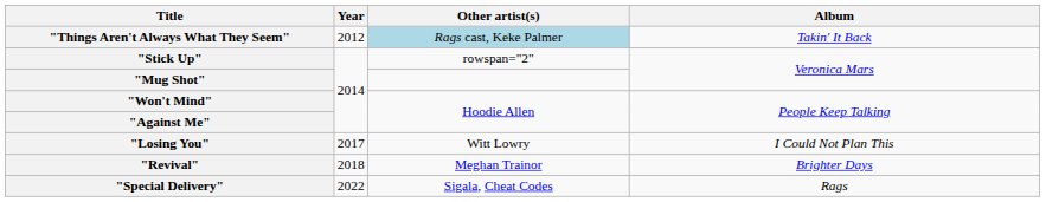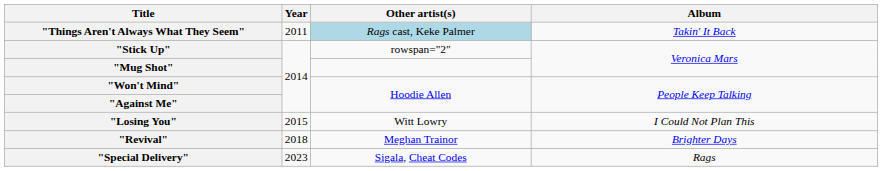 <table class="wikitable plainrowheaders" style="text-align:center;">
 <tr>
 <th scope="col" style="width:24em;">Title</th>
 <th scope="col" style="width:1em;">Year</th>
 <th scope="col" style="width:19em;">Other artist(s)</th>
 <th scope="col" style="width:30em;">Album</th>
 </tr>
 <tr>
 <th scope="row">"Things Aren't Always What They Seem"</th>
-<td>2012</td>
+<td>2011</td>
 <td style="background: lightblue;"><em>Rags</em> cast, Keke Palmer</td>
 <td><em><a href='#'>Takin' It Back</a></em></td>
 </tr>
 <tr>
 <th scope="row">"Stick Up"</th>
 <td rowspan="4">2014</td>
 <td>rowspan="2" </td>
 <td rowspan="2"><em><a href='#'>Veronica Mars</a></em></td>
 </tr>
 <tr>
 <th scope="row">"Mug Shot"</th>
 </tr>
 <tr>
 <th scope="row">"Won't Mind"</th>
 <td rowspan="2"><a href='#'>Hoodie Allen</a></td>
 <td rowspan="2"><em><a href='#'>People Keep Talking</a></em></td>
 </tr>
 <tr>
 <th scope="row">"Against Me"</th>
 </tr>
 <tr>
 <th scope="row">"Losing You"</th>
-<td>2017</td>
+<td>2015</td>
 <td>Witt Lowry</td>
 <td><em>I Could Not Plan This</em></td>
 </tr>
 <tr>
 <th scope="row">"Revival"</th>
 <td>2018</td>
 <td><a href='#'>Meghan Trainor</a></td>
 <td><em><a href='#'>Brighter Days</a></em></td>
 </tr>
 <tr>
 <th scope="row">"Special Delivery"</th>
-<td>2022</td>
+<td>2023</td>
 <td><a href='#'>Sigala</a>, <a href='#'>Cheat Codes</a></td>
 <td><em>Rags</em></td>
 </tr>
 </table>
